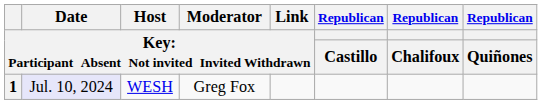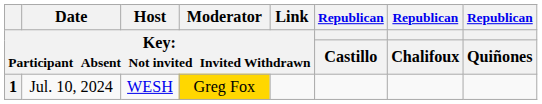 <table class="wikitable" style="text-align:center;">
 <tr>
 <th scope="col"></th>
 <th scope="col">Date</th>
 <th scope="col">Host</th>
 <th scope="col">Moderator</th>
 <th scope="col">Link</th>
 <th scope="col"><small><a href='#'>Republican</a></small></th>
 <th scope="col"><small><a href='#'>Republican</a></small></th>
 <th scope="col"><small><a href='#'>Republican</a></small></th>
 </tr>
 <tr>
 <th colspan="5" rowspan="2">Key:<br> <small>Participant </small>  <small>Absent </small>  <small>Not invited </small>  <small>Invited  Withdrawn</small></th>
 <th scope="col" style="background:"></th>
 <th scope="col" style="background:"></th>
 <th scope="col" style="background:"></th>
 </tr>
 <tr>
 <th scope="col">Castillo</th>
 <th scope="col">Chalifoux</th>
 <th scope="col">Quiñones</th>
 </tr>
 <tr>
 <th>1</th>
-<td style="background: lavender; white-space:nowrap;">Jul. 10, 2024</td>
+<td style="white-space:nowrap;">Jul. 10, 2024</td>
 <td style="white-space:nowrap;"><a href='#'>WESH</a></td>
-<td style="white-space:nowrap;">Greg Fox</td>
+<td style="background: gold; white-space:nowrap;">Greg Fox</td>
 <td style="white-space:nowrap;"></td>
 <td></td>
 <td></td>
 <td></td>
 </tr>
 </table>
